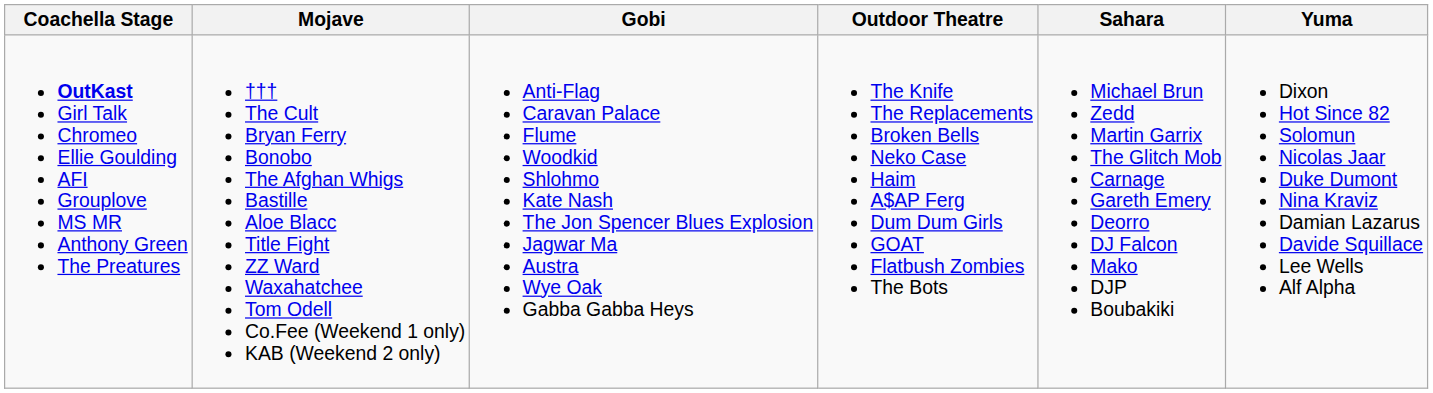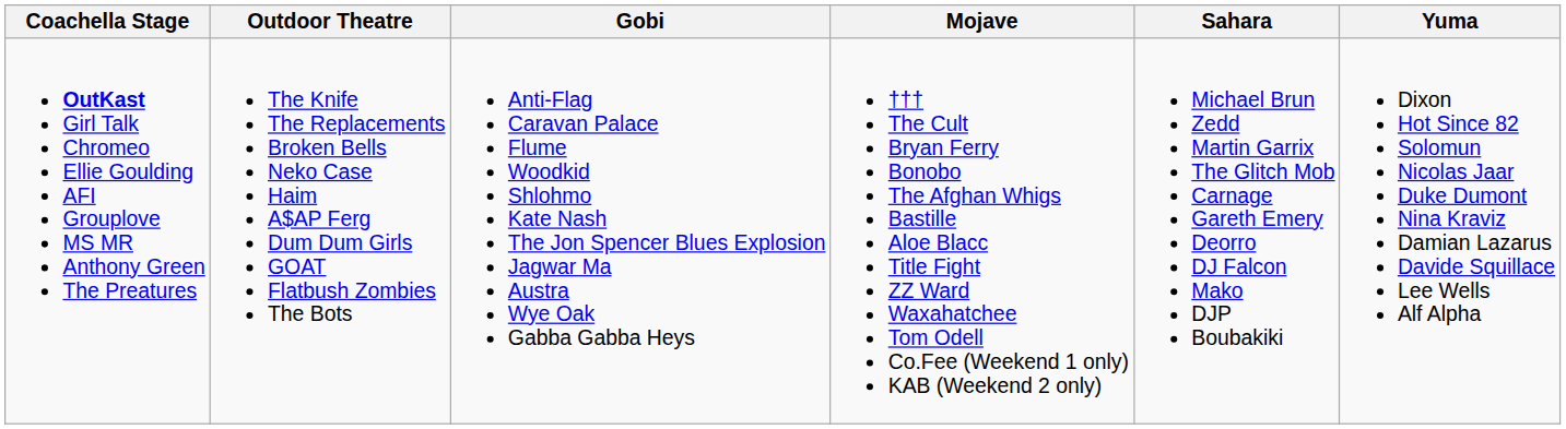 <table class="wikitable">
 <tr>
 <th>Coachella Stage</th>
+<th>Outdoor Theatre</th>
+<th>Gobi</th>
 <th>Mojave</th>
-<th>Gobi</th>
-<th>Outdoor Theatre</th>
 <th>Sahara</th>
 <th>Yuma</th>
 </tr>
 <tr valign="top">
 <td><br><ul><li><strong><a href='#'>OutKast</a></strong></li><li><a href='#'>Girl Talk</a></li><li><a href='#'>Chromeo</a></li><li><a href='#'>Ellie Goulding</a></li><li><a href='#'>AFI</a></li><li><a href='#'>Grouplove</a></li><li><a href='#'>MS MR</a></li><li><a href='#'>Anthony Green</a></li><li><a href='#'>The Preatures</a></li></ul></td>
+<td><br><ul><li><a href='#'>The Knife</a></li><li><a href='#'>The Replacements</a></li><li><a href='#'>Broken Bells</a></li><li><a href='#'>Neko Case</a></li><li><a href='#'>Haim</a></li><li><a href='#'>A$AP Ferg</a></li><li><a href='#'>Dum Dum Girls</a></li><li><a href='#'>GOAT</a></li><li><a href='#'>Flatbush Zombies</a></li><li>The Bots</li></ul></td>
+<td><br><ul><li><a href='#'>Anti-Flag</a></li><li><a href='#'>Caravan Palace</a></li><li><a href='#'>Flume</a></li><li><a href='#'>Woodkid</a></li><li><a href='#'>Shlohmo</a></li><li><a href='#'>Kate Nash</a></li><li><a href='#'>The Jon Spencer Blues Explosion</a></li><li><a href='#'>Jagwar Ma</a></li><li><a href='#'>Austra</a></li><li><a href='#'>Wye Oak</a></li><li>Gabba Gabba Heys</li></ul></td>
 <td><br><ul><li><a href='#'>†††</a></li><li><a href='#'>The Cult</a></li><li><a href='#'>Bryan Ferry</a></li><li><a href='#'>Bonobo</a></li><li><a href='#'>The Afghan Whigs</a></li><li><a href='#'>Bastille</a></li><li><a href='#'>Aloe Blacc</a></li><li><a href='#'>Title Fight</a></li><li><a href='#'>ZZ Ward</a></li><li><a href='#'>Waxahatchee</a></li><li><a href='#'>Tom Odell</a></li><li>Co.Fee (Weekend 1 only)</li><li>KAB (Weekend 2 only)</li></ul></td>
-<td><br><ul><li><a href='#'>Anti-Flag</a></li><li><a href='#'>Caravan Palace</a></li><li><a href='#'>Flume</a></li><li><a href='#'>Woodkid</a></li><li><a href='#'>Shlohmo</a></li><li><a href='#'>Kate Nash</a></li><li><a href='#'>The Jon Spencer Blues Explosion</a></li><li><a href='#'>Jagwar Ma</a></li><li><a href='#'>Austra</a></li><li><a href='#'>Wye Oak</a></li><li>Gabba Gabba Heys</li></ul></td>
-<td><br><ul><li><a href='#'>The Knife</a></li><li><a href='#'>The Replacements</a></li><li><a href='#'>Broken Bells</a></li><li><a href='#'>Neko Case</a></li><li><a href='#'>Haim</a></li><li><a href='#'>A$AP Ferg</a></li><li><a href='#'>Dum Dum Girls</a></li><li><a href='#'>GOAT</a></li><li><a href='#'>Flatbush Zombies</a></li><li>The Bots</li></ul></td>
 <td><br><ul><li><a href='#'>Michael Brun</a></li><li><a href='#'>Zedd</a></li><li><a href='#'>Martin Garrix</a></li><li><a href='#'>The Glitch Mob</a></li><li><a href='#'>Carnage</a></li><li><a href='#'>Gareth Emery</a></li><li><a href='#'>Deorro</a></li><li><a href='#'>DJ Falcon</a></li><li><a href='#'>Mako</a></li><li>DJP</li><li>Boubakiki</li></ul></td>
 <td><br><ul><li>Dixon</li><li><a href='#'>Hot Since 82</a></li><li><a href='#'>Solomun</a></li><li><a href='#'>Nicolas Jaar</a></li><li><a href='#'>Duke Dumont</a></li><li><a href='#'>Nina Kraviz</a></li><li>Damian Lazarus</li><li><a href='#'>Davide Squillace</a></li><li>Lee Wells</li><li>Alf Alpha</li></ul></td>
 </tr>
 </table>
